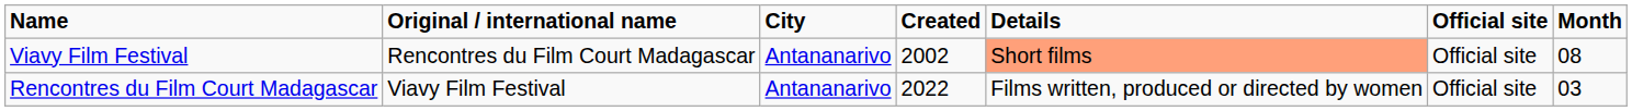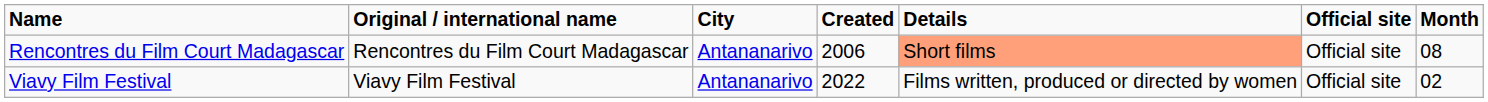 <table class="wikitable">
 <tr>
 <td><strong>Name</strong></td>
 <td><strong>Original / international name</strong></td>
 <td><strong>City</strong></td>
 <td><strong>Created</strong></td>
 <td><strong>Details</strong></td>
 <td><strong>Official site</strong></td>
 <td><strong>Month</strong></td>
 </tr>
 <tr>
-<td><a href='#'>Viavy Film Festival</a></td>
+<td><a href='#'>Rencontres du Film Court Madagascar</a></td>
 <td>Rencontres du Film Court Madagascar</td>
 <td><a href='#'>Antananarivo</a></td>
-<td>2002</td>
+<td>2006</td>
 <td style="background: lightsalmon;">Short films</td>
 <td>Official site</td>
 <td>08</td>
 </tr>
 <tr>
-<td><a href='#'>Rencontres du Film Court Madagascar</a></td>
+<td><a href='#'>Viavy Film Festival</a></td>
 <td>Viavy Film Festival</td>
 <td><a href='#'>Antananarivo</a></td>
 <td>2022</td>
 <td>Films written, produced or directed by women</td>
 <td>Official site</td>
-<td>03</td>
+<td>02</td>
 </tr>
 </table>
